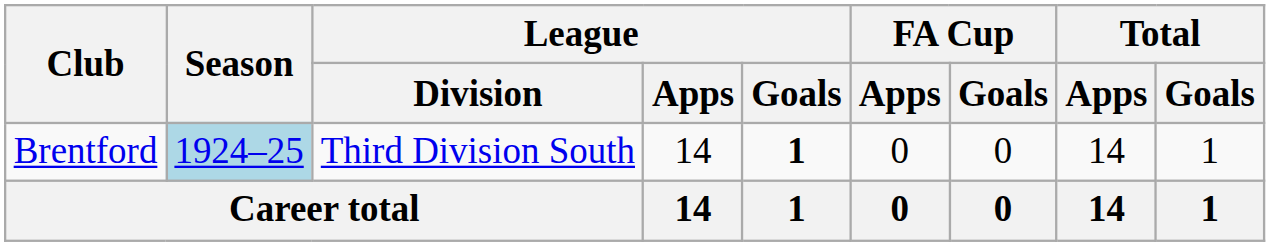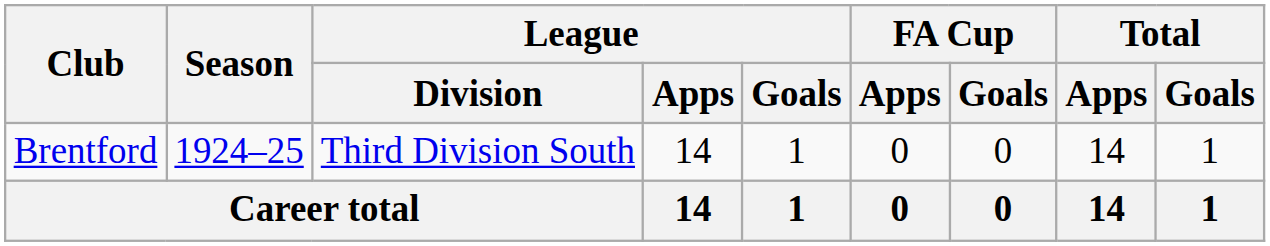 <table class="wikitable" style="text-align: center;">
 <tr>
 <th rowspan="2">Club</th>
 <th rowspan="2">Season</th>
 <th colspan="3">League</th>
 <th colspan="2">FA Cup</th>
 <th colspan="2">Total</th>
 </tr>
 <tr>
 <th>Division</th>
 <th>Apps</th>
 <th>Goals</th>
 <th>Apps</th>
 <th>Goals</th>
 <th>Apps</th>
 <th>Goals</th>
 </tr>
 <tr>
 <td><a href='#'>Brentford</a></td>
-<td style="background: lightblue;"><a href='#'>1924–25</a></td>
+<td><a href='#'>1924–25</a></td>
 <td><a href='#'>Third Division South</a></td>
 <td>14</td>
-<td><strong>1</strong></td>
+<td>1</td>
 <td>0</td>
 <td>0</td>
 <td>14</td>
 <td>1</td>
 </tr>
 <tr>
 <th colspan="3">Career total</th>
 <th>14</th>
 <th>1</th>
 <th>0</th>
 <th>0</th>
 <th>14</th>
 <th>1</th>
 </tr>
 </table>
